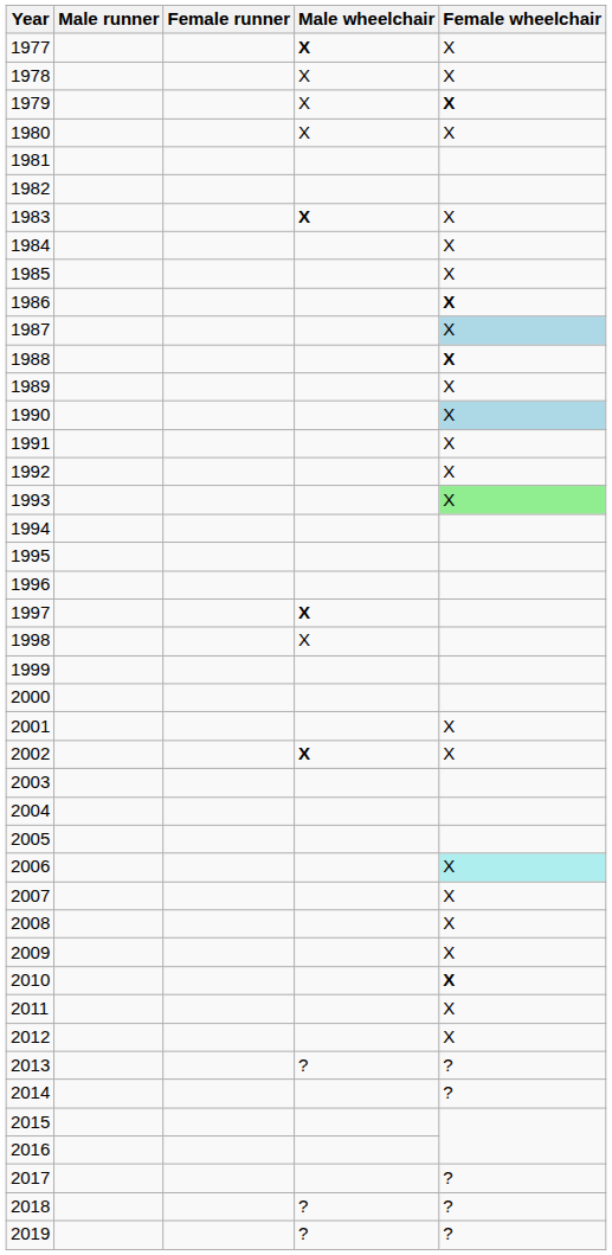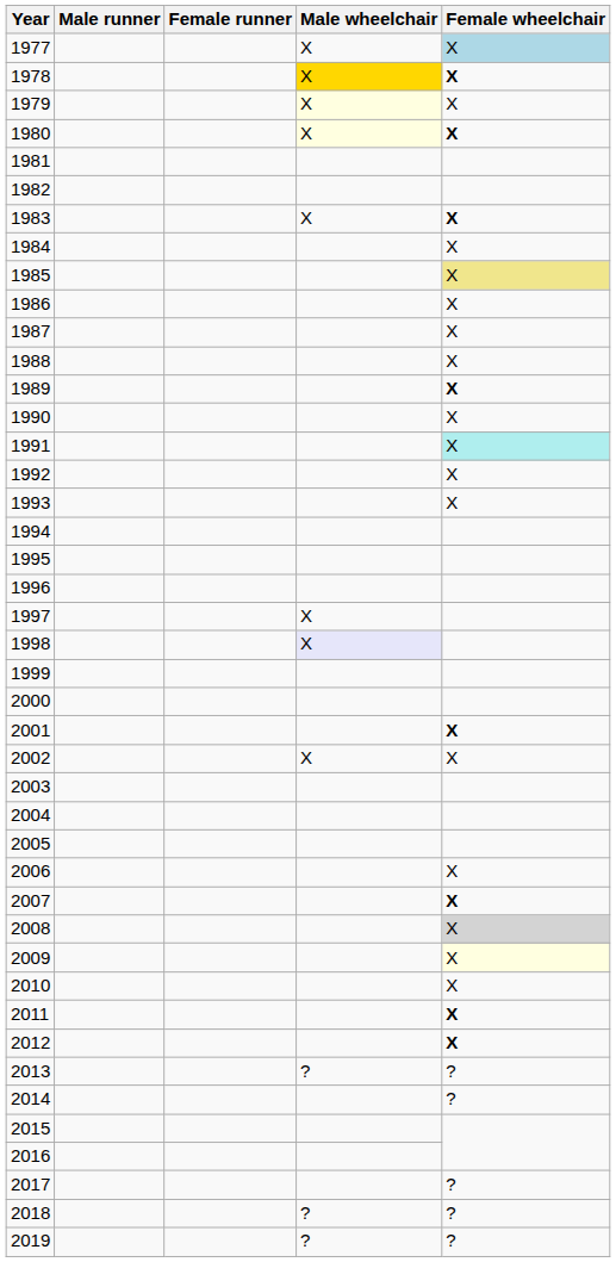 <table class="wikitable" style="margin: 1em auto 1em auto">
 <tr>
 <th>Year</th>
 <th>Male runner</th>
 <th>Female runner</th>
 <th>Male wheelchair</th>
 <th>Female wheelchair</th>
 </tr>
 <tr>
 <td>1977</td>
 <td></td>
 <td></td>
-<td><strong>X</strong></td>
 <td>X</td>
+<td style="background: lightblue;">X</td>
 </tr>
 <tr>
 <td>1978</td>
 <td></td>
 <td></td>
-<td>X</td>
-<td>X</td>
+<td style="background: gold;">X</td>
+<td><strong>X</strong></td>
 </tr>
 <tr>
 <td>1979</td>
 <td></td>
 <td></td>
+<td style="background: lightyellow;">X</td>
 <td>X</td>
-<td><strong>X</strong></td>
 </tr>
 <tr>
 <td>1980</td>
 <td></td>
 <td></td>
-<td>X</td>
-<td>X</td>
+<td style="background: lightyellow;">X</td>
+<td><strong>X</strong></td>
 </tr>
 <tr>
 <td>1981</td>
 <td></td>
 <td></td>
 <td></td>
 <td></td>
 </tr>
 <tr>
 <td>1982</td>
 <td></td>
 <td></td>
 <td></td>
 <td></td>
 </tr>
 <tr>
 <td>1983</td>
 <td></td>
 <td></td>
+<td>X</td>
 <td><strong>X</strong></td>
-<td>X</td>
 </tr>
 <tr>
 <td>1984</td>
 <td></td>
 <td></td>
 <td></td>
 <td>X</td>
 </tr>
 <tr>
 <td>1985</td>
 <td></td>
 <td></td>
 <td></td>
-<td>X</td>
+<td style="background: khaki;">X</td>
 </tr>
 <tr>
 <td>1986</td>
 <td></td>
 <td></td>
 <td></td>
-<td><strong>X</strong></td>
+<td>X</td>
 </tr>
 <tr>
 <td>1987</td>
 <td></td>
 <td></td>
 <td></td>
-<td style="background: lightblue;">X</td>
+<td>X</td>
 </tr>
 <tr>
 <td>1988</td>
 <td></td>
 <td></td>
 <td></td>
-<td><strong>X</strong></td>
+<td>X</td>
 </tr>
 <tr>
 <td>1989</td>
 <td></td>
 <td></td>
 <td></td>
-<td>X</td>
+<td><strong>X</strong></td>
 </tr>
 <tr>
 <td>1990</td>
 <td></td>
 <td></td>
 <td></td>
-<td style="background: lightblue;">X</td>
+<td>X</td>
 </tr>
 <tr>
 <td>1991</td>
 <td></td>
 <td></td>
 <td></td>
-<td>X</td>
+<td style="background: paleturquoise;">X</td>
 </tr>
 <tr>
 <td>1992</td>
 <td></td>
 <td></td>
 <td></td>
 <td>X</td>
 </tr>
 <tr>
 <td>1993</td>
 <td></td>
 <td></td>
 <td></td>
-<td style="background: lightgreen;">X</td>
+<td>X</td>
 </tr>
 <tr>
 <td>1994</td>
 <td></td>
 <td></td>
 <td></td>
 <td></td>
 </tr>
 <tr>
 <td>1995</td>
 <td></td>
 <td></td>
 <td></td>
 <td></td>
 </tr>
 <tr>
 <td>1996</td>
 <td></td>
 <td></td>
 <td></td>
 <td></td>
 </tr>
 <tr>
 <td>1997</td>
 <td></td>
 <td></td>
-<td><strong>X</strong></td>
+<td>X</td>
 <td></td>
 </tr>
 <tr>
 <td>1998</td>
 <td></td>
 <td></td>
-<td>X</td>
+<td style="background: lavender;">X</td>
 <td></td>
 </tr>
 <tr>
 <td>1999</td>
 <td></td>
 <td></td>
 <td></td>
 <td></td>
 </tr>
 <tr>
 <td>2000</td>
 <td></td>
 <td></td>
 <td></td>
 <td></td>
 </tr>
 <tr>
 <td>2001</td>
 <td></td>
 <td></td>
 <td></td>
-<td>X</td>
+<td><strong>X</strong></td>
 </tr>
 <tr>
 <td>2002</td>
 <td></td>
 <td></td>
-<td><strong>X</strong></td>
+<td>X</td>
 <td>X</td>
 </tr>
 <tr>
 <td>2003</td>
 <td></td>
 <td></td>
 <td></td>
 <td></td>
 </tr>
 <tr>
 <td>2004</td>
 <td></td>
 <td></td>
 <td></td>
 <td></td>
 </tr>
 <tr>
 <td>2005</td>
 <td></td>
 <td></td>
 <td></td>
 <td></td>
 </tr>
 <tr>
 <td>2006</td>
 <td></td>
 <td></td>
 <td></td>
-<td style="background: paleturquoise;">X</td>
+<td>X</td>
 </tr>
 <tr>
 <td>2007</td>
 <td></td>
 <td></td>
 <td></td>
-<td>X</td>
+<td><strong>X</strong></td>
 </tr>
 <tr>
 <td>2008</td>
 <td></td>
 <td></td>
 <td></td>
-<td>X</td>
+<td style="background: lightgrey;">X</td>
 </tr>
 <tr>
 <td>2009</td>
 <td></td>
 <td></td>
 <td></td>
-<td>X</td>
+<td style="background: lightyellow;">X</td>
 </tr>
 <tr>
 <td>2010</td>
 <td></td>
 <td></td>
 <td></td>
-<td><strong>X</strong></td>
+<td>X</td>
 </tr>
 <tr>
 <td>2011</td>
 <td></td>
 <td></td>
 <td></td>
-<td>X</td>
+<td><strong>X</strong></td>
 </tr>
 <tr>
 <td>2012</td>
 <td></td>
 <td></td>
 <td></td>
-<td>X</td>
+<td><strong>X</strong></td>
 </tr>
 <tr>
 <td>2013</td>
 <td></td>
 <td></td>
 <td>?</td>
 <td>?</td>
 </tr>
 <tr>
 <td>2014</td>
 <td></td>
 <td></td>
 <td></td>
 <td>?</td>
 </tr>
 <tr>
 <td>2015</td>
 <td></td>
 <td></td>
 <td></td>
 </tr>
 <tr>
 <td>2016</td>
 <td></td>
 <td></td>
 <td></td>
 </tr>
 <tr>
 <td>2017</td>
 <td></td>
 <td></td>
 <td></td>
 <td>?</td>
 </tr>
 <tr>
 <td>2018</td>
 <td></td>
 <td></td>
 <td>?</td>
 <td>?</td>
 </tr>
 <tr>
 <td>2019</td>
 <td></td>
 <td></td>
 <td>?</td>
 <td>?</td>
 </tr>
 </table>
